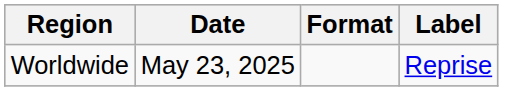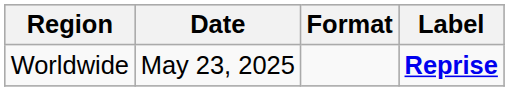 <table class="wikitable plainrowheaders">
 <tr>
 <th scope="col">Region</th>
 <th scope="col">Date</th>
 <th scope="col">Format</th>
 <th scope="col">Label</th>
 </tr>
 <tr>
 <td>Worldwide</td>
 <td rowspan="2">May 23, 2025</td>
 <td rowspan="2"></td>
-<td><a href='#'>Reprise</a></td>
+<td><strong><a href='#'>Reprise</a></strong></td>
 </tr>
 </table>
